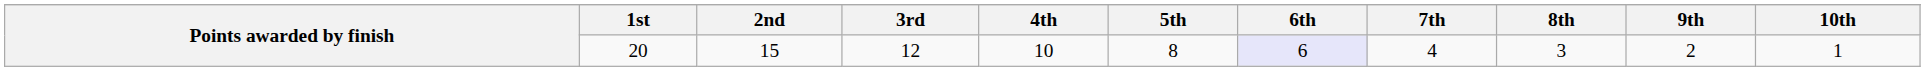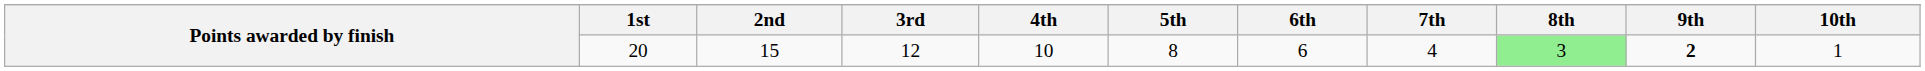 <table class="wikitable" width=100% style="text-align:center;">
 <tr>
 </tr>
 <tr style="background:#efefef;">
 <th rowspan=2 width=30%>Points awarded by finish</th>
 <th>1st</th>
 <th>2nd</th>
 <th>3rd</th>
 <th>4th</th>
 <th>5th</th>
 <th>6th</th>
 <th>7th</th>
 <th>8th</th>
 <th>9th</th>
 <th>10th</th>
 </tr>
 <tr>
 <td>20</td>
 <td>15</td>
 <td>12</td>
 <td>10</td>
 <td>8</td>
-<td style="background: lavender;">6</td>
+<td>6</td>
 <td>4</td>
-<td>3</td>
-<td>2</td>
+<td style="background: lightgreen;">3</td>
+<td><strong>2</strong></td>
 <td>1</td>
 </tr>
 </table>
